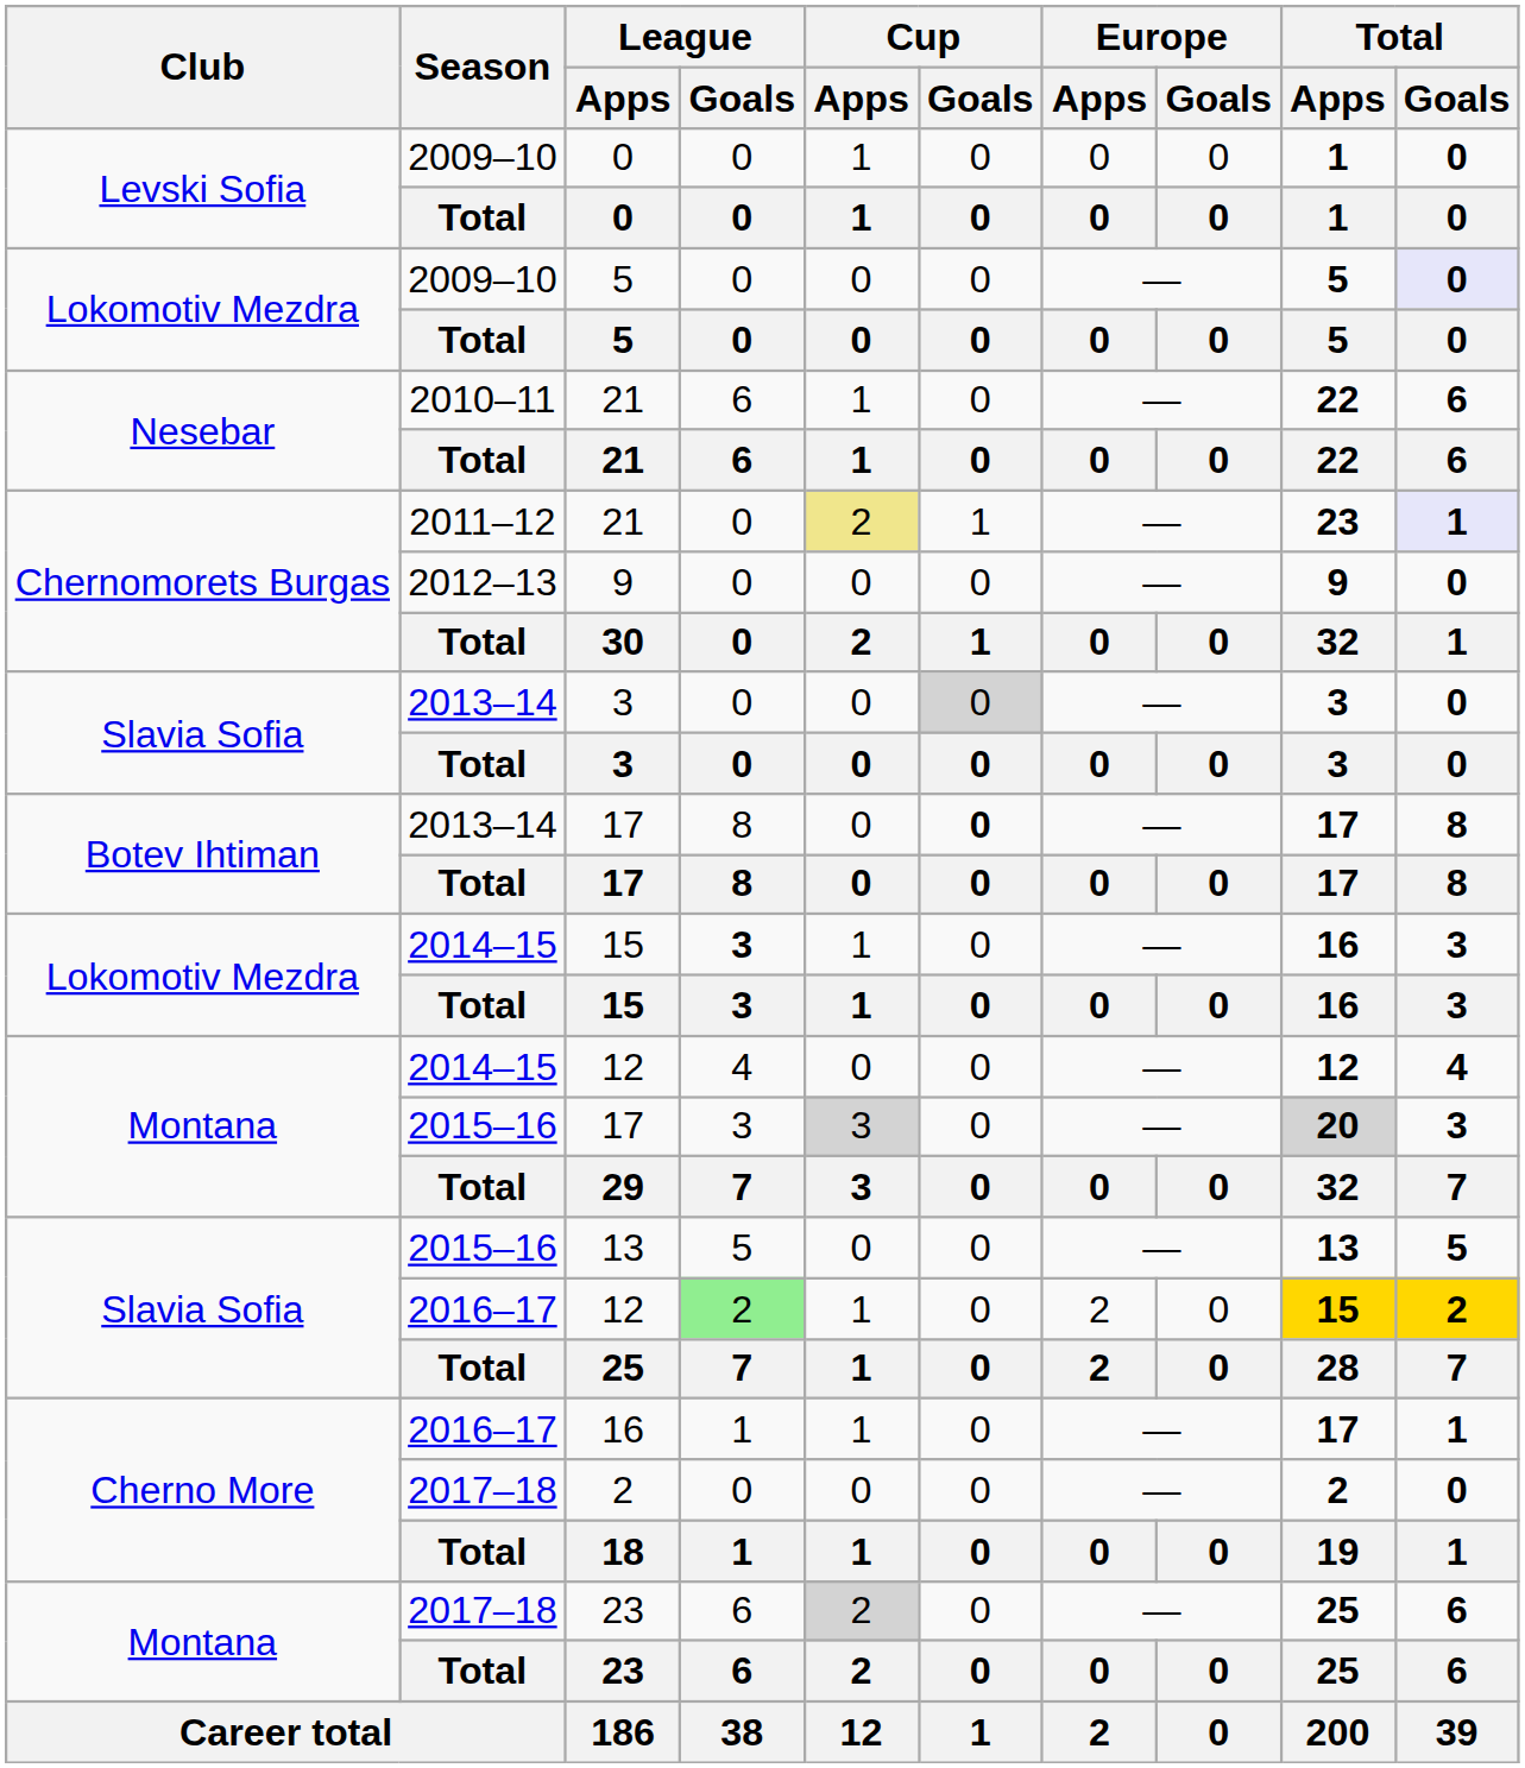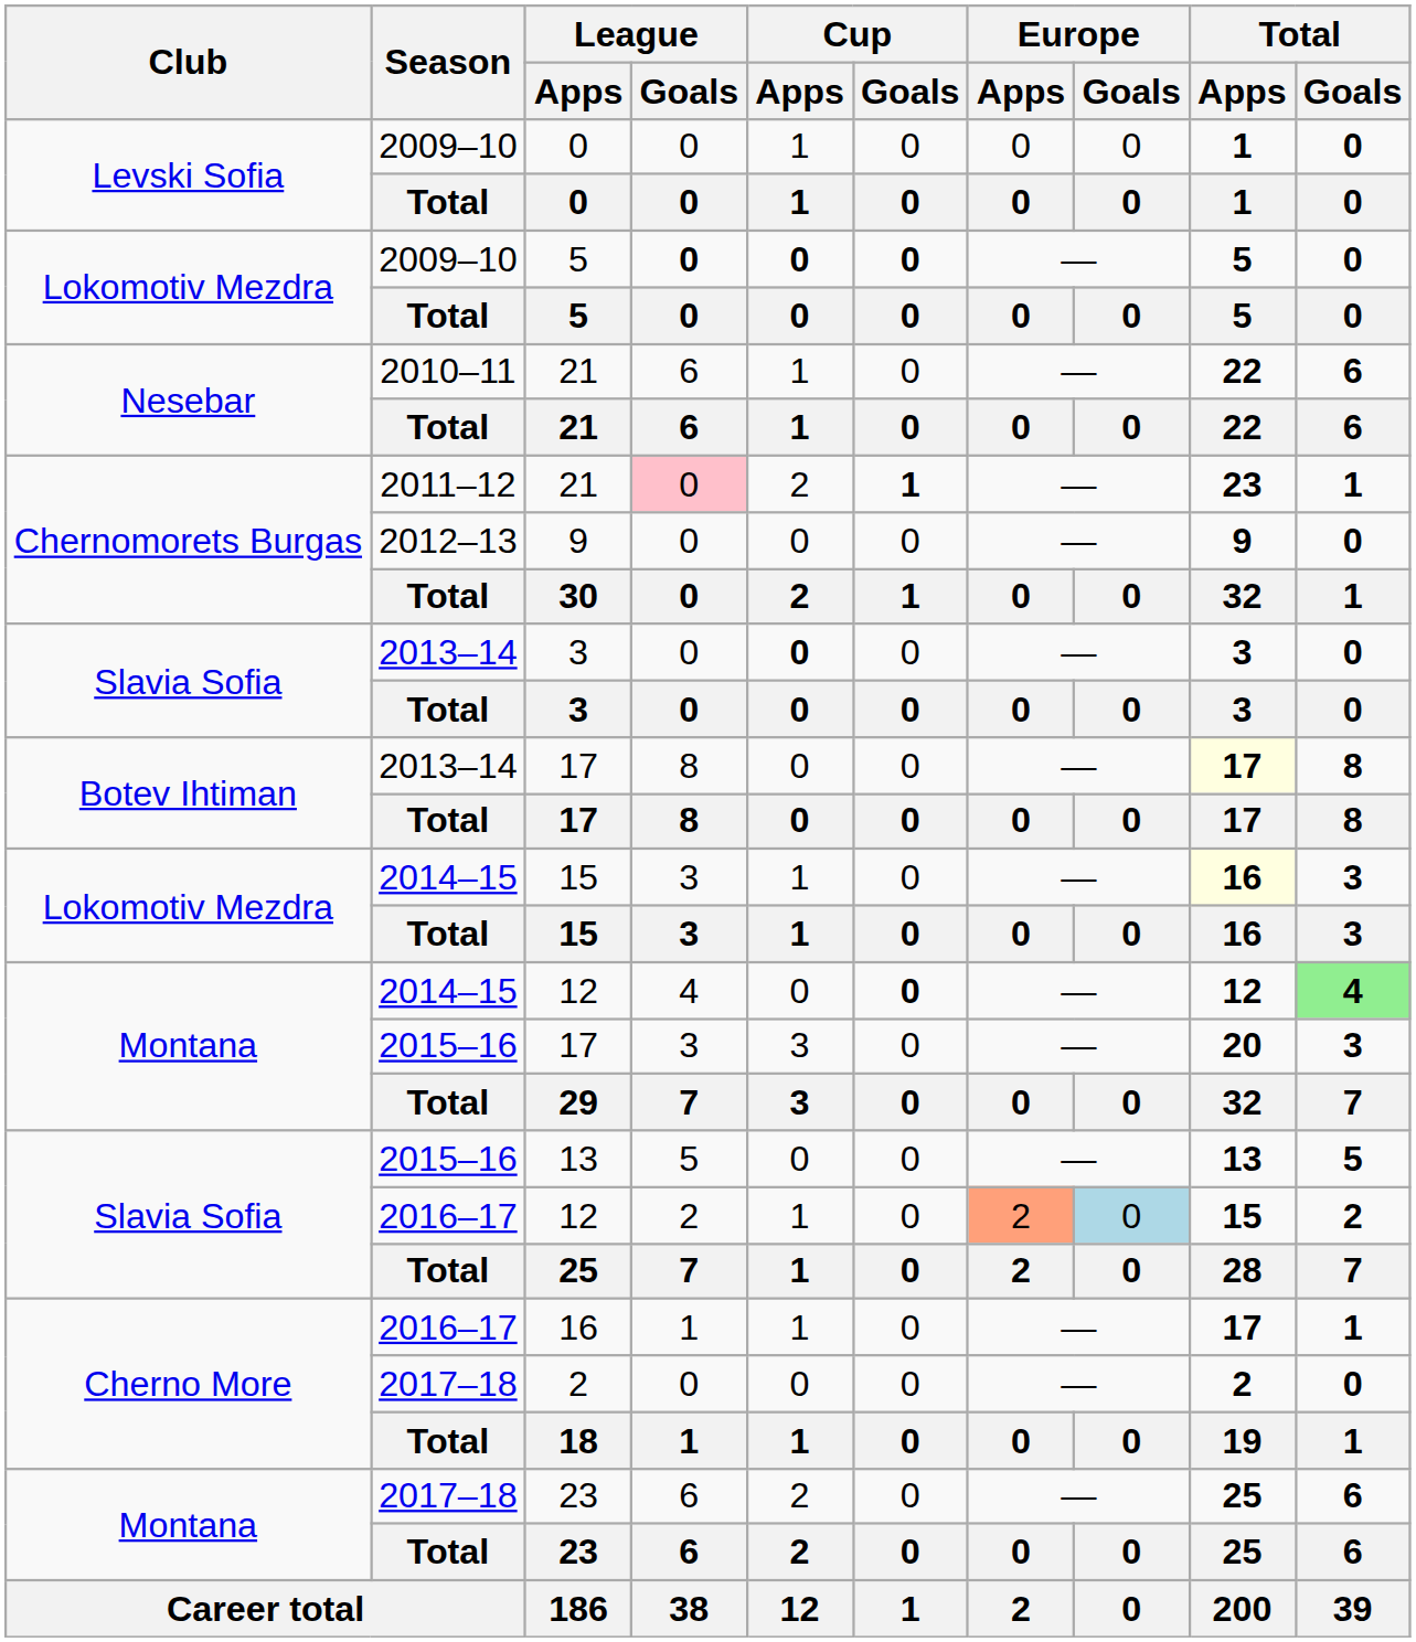 <table class="wikitable" style="font-size:90%; text-align: center">
 <tr>
 <th rowspan=2>Club</th>
 <th rowspan=2>Season</th>
 <th colspan=2>League</th>
 <th colspan=2>Cup</th>
 <th colspan=2>Europe</th>
 <th colspan=2>Total</th>
 </tr>
 <tr>
 <th>Apps</th>
 <th>Goals</th>
 <th>Apps</th>
 <th>Goals</th>
 <th>Apps</th>
 <th>Goals</th>
 <th>Apps</th>
 <th>Goals</th>
 </tr>
 <tr>
 <td rowspan=2><a href='#'>Levski Sofia</a></td>
 <td>2009–10</td>
 <td>0</td>
 <td>0</td>
 <td>1</td>
 <td>0</td>
 <td>0</td>
 <td>0</td>
 <td><strong>1</strong></td>
 <td><strong>0</strong></td>
 </tr>
 <tr>
 <th colspan=1>Total</th>
 <th>0</th>
 <th>0</th>
 <th>1</th>
 <th>0</th>
 <th>0</th>
 <th>0</th>
 <th>1</th>
 <th>0</th>
 </tr>
 <tr>
 <td rowspan=2><a href='#'>Lokomotiv Mezdra</a></td>
 <td>2009–10</td>
 <td>5</td>
-<td>0</td>
-<td>0</td>
-<td>0</td>
+<td><strong>0</strong></td>
+<td><strong>0</strong></td>
+<td><strong>0</strong></td>
 <td colspan="2">—</td>
 <td><strong>5</strong></td>
-<td style="background: lavender;"><strong>0</strong></td>
+<td><strong>0</strong></td>
 </tr>
 <tr>
 <th colspan=1>Total</th>
 <th>5</th>
 <th>0</th>
 <th>0</th>
 <th>0</th>
 <th>0</th>
 <th>0</th>
 <th>5</th>
 <th>0</th>
 </tr>
 <tr>
 <td rowspan=2><a href='#'>Nesebar</a></td>
 <td>2010–11</td>
 <td>21</td>
 <td>6</td>
 <td>1</td>
 <td>0</td>
 <td colspan="2">—</td>
 <td><strong>22</strong></td>
 <td><strong>6</strong></td>
 </tr>
 <tr>
 <th colspan=1>Total</th>
 <th>21</th>
 <th>6</th>
 <th>1</th>
 <th>0</th>
 <th>0</th>
 <th>0</th>
 <th>22</th>
 <th>6</th>
 </tr>
 <tr>
 <td rowspan=3><a href='#'>Chernomorets Burgas</a></td>
 <td>2011–12</td>
 <td>21</td>
-<td>0</td>
-<td style="background: khaki;">2</td>
-<td>1</td>
+<td style="background: pink;">0</td>
+<td>2</td>
+<td><strong>1</strong></td>
 <td colspan="2">—</td>
 <td><strong>23</strong></td>
-<td style="background: lavender;"><strong>1</strong></td>
+<td><strong>1</strong></td>
 </tr>
 <tr>
 <td>2012–13</td>
 <td>9</td>
 <td>0</td>
 <td>0</td>
 <td>0</td>
 <td colspan="2">—</td>
 <td><strong>9</strong></td>
 <td><strong>0</strong></td>
 </tr>
 <tr>
 <th colspan=1>Total</th>
 <th>30</th>
 <th>0</th>
 <th>2</th>
 <th>1</th>
 <th>0</th>
 <th>0</th>
 <th>32</th>
 <th>1</th>
 </tr>
 <tr>
 <td rowspan=2><a href='#'>Slavia Sofia</a></td>
 <td><a href='#'>2013–14</a></td>
 <td>3</td>
 <td>0</td>
+<td><strong>0</strong></td>
 <td>0</td>
-<td style="background: lightgrey;">0</td>
 <td colspan="2">—</td>
 <td><strong>3</strong></td>
 <td><strong>0</strong></td>
 </tr>
 <tr>
 <th colspan=1>Total</th>
 <th>3</th>
 <th>0</th>
 <th>0</th>
 <th>0</th>
 <th>0</th>
 <th>0</th>
 <th>3</th>
 <th>0</th>
 </tr>
 <tr>
 <td rowspan=2><a href='#'>Botev Ihtiman</a></td>
 <td>2013–14</td>
 <td>17</td>
 <td>8</td>
 <td>0</td>
-<td><strong>0</strong></td>
+<td>0</td>
 <td colspan="2">—</td>
-<td><strong>17</strong></td>
+<td style="background: lightyellow;"><strong>17</strong></td>
 <td><strong>8</strong></td>
 </tr>
 <tr>
 <th colspan=1>Total</th>
 <th>17</th>
 <th>8</th>
 <th>0</th>
 <th>0</th>
 <th>0</th>
 <th>0</th>
 <th>17</th>
 <th>8</th>
 </tr>
 <tr>
 <td rowspan=2><a href='#'>Lokomotiv Mezdra</a></td>
 <td><a href='#'>2014–15</a></td>
 <td>15</td>
-<td><strong>3</strong></td>
+<td>3</td>
 <td>1</td>
 <td>0</td>
 <td colspan="2">—</td>
-<td><strong>16</strong></td>
+<td style="background: lightyellow;"><strong>16</strong></td>
 <td><strong>3</strong></td>
 </tr>
 <tr>
 <th colspan=1>Total</th>
 <th>15</th>
 <th>3</th>
 <th>1</th>
 <th>0</th>
 <th>0</th>
 <th>0</th>
 <th>16</th>
 <th>3</th>
 </tr>
 <tr>
 <td rowspan=3><a href='#'>Montana</a></td>
 <td><a href='#'>2014–15</a></td>
 <td>12</td>
 <td>4</td>
 <td>0</td>
-<td>0</td>
+<td><strong>0</strong></td>
 <td colspan="2">—</td>
 <td><strong>12</strong></td>
-<td><strong>4</strong></td>
+<td style="background: lightgreen;"><strong>4</strong></td>
 </tr>
 <tr>
 <td><a href='#'>2015–16</a></td>
 <td>17</td>
 <td>3</td>
-<td style="background: lightgrey;">3</td>
+<td>3</td>
 <td>0</td>
 <td colspan="2">—</td>
-<td style="background: lightgrey;"><strong>20</strong></td>
+<td><strong>20</strong></td>
 <td><strong>3</strong></td>
 </tr>
 <tr>
 <th colspan=1>Total</th>
 <th>29</th>
 <th>7</th>
 <th>3</th>
 <th>0</th>
 <th>0</th>
 <th>0</th>
 <th>32</th>
 <th>7</th>
 </tr>
 <tr>
 <td rowspan=3><a href='#'>Slavia Sofia</a></td>
 <td><a href='#'>2015–16</a></td>
 <td>13</td>
 <td>5</td>
 <td>0</td>
 <td>0</td>
 <td colspan="2">—</td>
 <td><strong>13</strong></td>
 <td><strong>5</strong></td>
 </tr>
 <tr>
 <td><a href='#'>2016–17</a></td>
 <td>12</td>
-<td style="background: lightgreen;">2</td>
+<td>2</td>
 <td>1</td>
 <td>0</td>
-<td>2</td>
-<td>0</td>
-<td style="background: gold;"><strong>15</strong></td>
-<td style="background: gold;"><strong>2</strong></td>
+<td style="background: lightsalmon;">2</td>
+<td style="background: lightblue;">0</td>
+<td><strong>15</strong></td>
+<td><strong>2</strong></td>
 </tr>
 <tr>
 <th colspan=1>Total</th>
 <th>25</th>
 <th>7</th>
 <th>1</th>
 <th>0</th>
 <th>2</th>
 <th>0</th>
 <th>28</th>
 <th>7</th>
 </tr>
 <tr>
 <td rowspan=3><a href='#'>Cherno More</a></td>
 <td><a href='#'>2016–17</a></td>
 <td>16</td>
 <td>1</td>
 <td>1</td>
 <td>0</td>
 <td colspan="2">—</td>
 <td><strong>17</strong></td>
 <td><strong>1</strong></td>
 </tr>
 <tr>
 <td><a href='#'>2017–18</a></td>
 <td>2</td>
 <td>0</td>
 <td>0</td>
 <td>0</td>
 <td colspan="2">—</td>
 <td><strong>2</strong></td>
 <td><strong>0</strong></td>
 </tr>
 <tr>
 <th colspan=1>Total</th>
 <th>18</th>
 <th>1</th>
 <th>1</th>
 <th>0</th>
 <th>0</th>
 <th>0</th>
 <th>19</th>
 <th>1</th>
 </tr>
 <tr>
 <td rowspan=2><a href='#'>Montana</a></td>
 <td><a href='#'>2017–18</a></td>
 <td>23</td>
 <td>6</td>
-<td style="background: lightgrey;">2</td>
+<td>2</td>
 <td>0</td>
 <td colspan="2">—</td>
 <td><strong>25</strong></td>
 <td><strong>6</strong></td>
 </tr>
 <tr>
 <th colspan=1>Total</th>
 <th>23</th>
 <th>6</th>
 <th>2</th>
 <th>0</th>
 <th>0</th>
 <th>0</th>
 <th>25</th>
 <th>6</th>
 </tr>
 <tr>
 <th colspan=2>Career total</th>
 <th>186</th>
 <th>38</th>
 <th>12</th>
 <th>1</th>
 <th>2</th>
 <th>0</th>
 <th>200</th>
 <th>39</th>
 </tr>
 </table>
